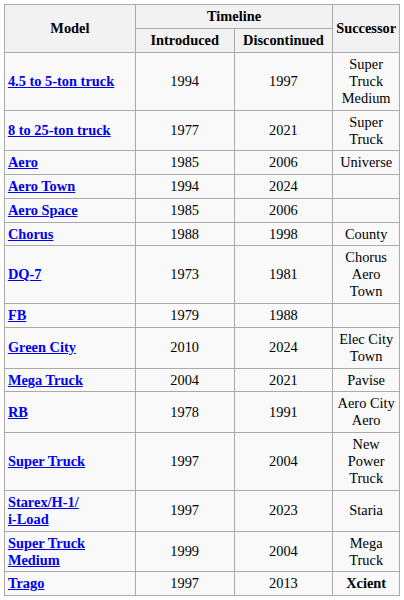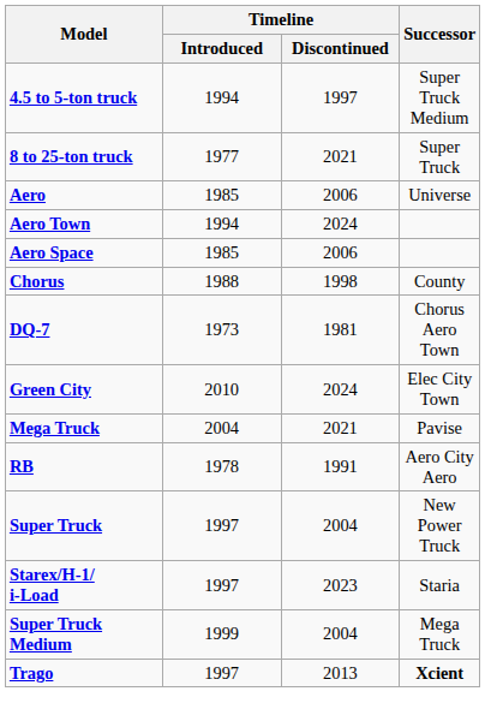 <table class="wikitable sortable" style="text-align: center; font-size: 0.90em; width: 25%">
 <tr>
 <th rowspan="2">Model</th>
 <th colspan="2">Timeline</th>
 <th rowspan="2" width="14%">Successor</th>
 </tr>
 <tr>
 <th width="25%">Introduced</th>
 <th width="25%">Discontinued</th>
 </tr>
 <tr>
 <td style="text-align: left"><a href='#'><strong>4.5 to 5-ton truck</strong></a></td>
 <td>1994</td>
 <td>1997</td>
 <td>Super Truck Medium</td>
 </tr>
 <tr>
 <td style="text-align: left"><a href='#'><strong>8 to 25-ton truck</strong></a></td>
 <td>1977</td>
 <td>2021</td>
 <td>Super Truck</td>
 </tr>
 <tr>
 <td style="text-align: left"><a href='#'><strong>Aero</strong></a></td>
 <td>1985</td>
 <td>2006</td>
 <td>Universe</td>
 </tr>
 <tr>
 <td style="text-align: left"><a href='#'><strong>Aero Town</strong></a></td>
 <td>1994</td>
 <td>2024</td>
 <td></td>
 </tr>
 <tr>
 <td style="text-align: left"><a href='#'><strong>Aero Space</strong></a></td>
 <td>1985</td>
 <td>2006</td>
 <td></td>
 </tr>
 <tr>
 <td style="text-align: left"><a href='#'><strong>Chorus</strong></a></td>
 <td>1988</td>
 <td>1998</td>
 <td>County</td>
 </tr>
 <tr>
 <td style="text-align: left"><a href='#'><strong>DQ-7</strong></a></td>
 <td>1973</td>
 <td>1981</td>
 <td>Chorus<br>Aero Town</td>
 </tr>
 <tr>
-<td style="text-align: left"><a href='#'><strong>FB</strong></a></td>
-<td>1979</td>
-<td>1988</td>
-<td></td>
-</tr>
-<tr>
 <td style="text-align: left"><a href='#'><strong>Green City </strong></a></td>
 <td>2010</td>
 <td>2024</td>
 <td>Elec City Town</td>
 </tr>
 <tr>
 <td style="text-align: left"><a href='#'><strong>Mega Truck</strong></a></td>
 <td>2004</td>
 <td>2021</td>
 <td>Pavise</td>
 </tr>
 <tr>
 <td style="text-align: left"><a href='#'><strong>RB</strong></a></td>
 <td>1978</td>
 <td>1991</td>
 <td>Aero City<br>Aero</td>
 </tr>
 <tr>
 <td style="text-align: left"><a href='#'><strong>Super Truck</strong></a></td>
 <td>1997</td>
 <td>2004</td>
 <td>New Power Truck</td>
 </tr>
 <tr>
 <td style="text-align: left"><a href='#'><strong>Starex/H-1/<br>i-Load</strong></a></td>
 <td>1997</td>
 <td>2023</td>
 <td>Staria</td>
 </tr>
 <tr>
 <td style="text-align: left"><a href='#'><strong>Super Truck Medium</strong></a></td>
 <td>1999</td>
 <td>2004</td>
 <td>Mega Truck</td>
 </tr>
 <tr>
 <td style="text-align: left"><a href='#'><strong>Trago</strong></a></td>
 <td>1997</td>
 <td>2013</td>
 <td><strong>Xcient</strong></td>
 </tr>
 <tr>
 </tr>
 </table>
